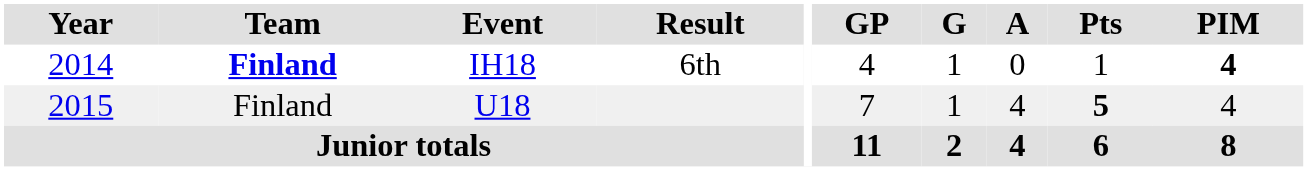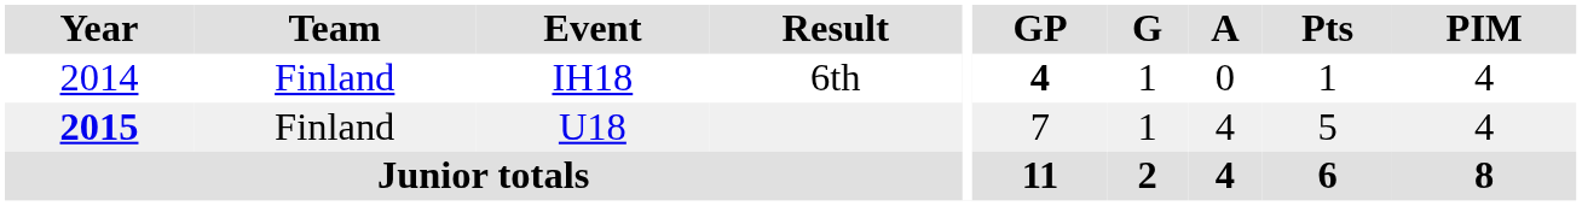 <table border="0" cellpadding="1" cellspacing="0" ID="Table3" style="text-align:center; width:40em">
 <tr ALIGN="center" bgcolor="#e0e0e0">
 <th>Year</th>
 <th>Team</th>
 <th>Event</th>
 <th>Result</th>
 <th rowspan="99" bgcolor="#ffffff"></th>
 <th>GP</th>
 <th>G</th>
 <th>A</th>
 <th>Pts</th>
 <th>PIM</th>
 </tr>
 <tr>
 <td><a href='#'>2014</a></td>
-<td><strong><a href='#'>Finland</a></strong></td>
+<td><a href='#'>Finland</a></td>
 <td><a href='#'>IH18</a></td>
 <td>6th</td>
-<td>4</td>
+<td><strong>4</strong></td>
 <td>1</td>
 <td>0</td>
 <td>1</td>
-<td><strong>4</strong></td>
+<td>4</td>
 </tr>
 <tr bgcolor="#f0f0f0">
-<td><a href='#'>2015</a></td>
+<td><strong><a href='#'>2015</a></strong></td>
 <td>Finland</td>
 <td><a href='#'>U18</a></td>
 <td></td>
 <td>7</td>
 <td>1</td>
 <td>4</td>
-<td><strong>5</strong></td>
+<td>5</td>
 <td>4</td>
 </tr>
 <tr bgcolor="#e0e0e0">
 <th colspan="4">Junior totals</th>
 <th>11</th>
 <th>2</th>
 <th>4</th>
 <th>6</th>
 <th>8</th>
 </tr>
 </table>
